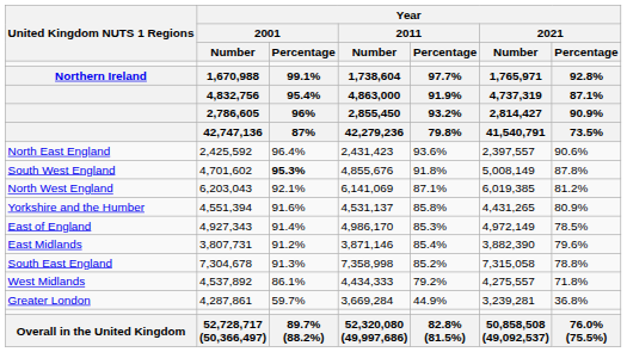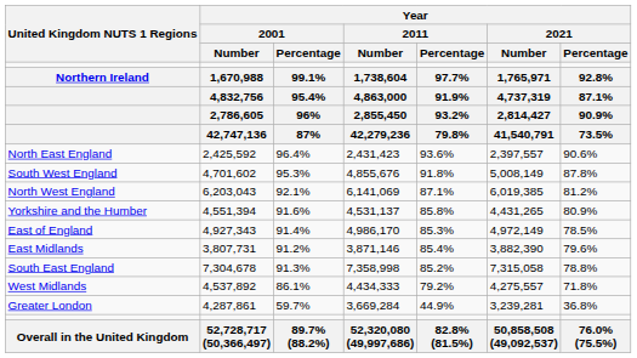 <table class="wikitable sortable" style="font-size: 95%">
 <tr>
 <th rowspan="3">United Kingdom NUTS 1 Regions</th>
 <th colspan="6">Year</th>
 </tr>
 <tr>
 <th colspan="2">2001</th>
 <th colspan="2">2011</th>
 <th colspan="2">2021</th>
 </tr>
 <tr>
 <th>Number</th>
 <th>Percentage</th>
 <th>Number</th>
 <th>Percentage</th>
 <th>Number</th>
 <th>Percentage</th>
 </tr>
 <tr>
 <td></td>
 <td></td>
 <td></td>
 <td></td>
 <td></td>
 <td></td>
 <td></td>
 </tr>
 <tr>
 <th><a href='#'>Northern Ireland</a></th>
 <th>1,670,988</th>
 <th>99.1%</th>
 <th>1,738,604</th>
 <th>97.7%</th>
 <th>1,765,971</th>
 <th>92.8%</th>
 </tr>
 <tr>
 <th></th>
 <th>4,832,756</th>
 <th>95.4%</th>
 <th>4,863,000</th>
 <th>91.9%</th>
 <th>4,737,319</th>
 <th>87.1%</th>
 </tr>
 <tr>
 <th></th>
 <th>2,786,605</th>
 <th>96%</th>
 <th>2,855,450</th>
 <th>93.2%</th>
 <th>2,814,427</th>
 <th>90.9%</th>
 </tr>
 <tr>
 <th></th>
 <th>42,747,136</th>
 <th>87%</th>
 <th>42,279,236</th>
 <th>79.8%</th>
 <th>41,540,791</th>
 <th>73.5%</th>
 </tr>
 <tr>
 <td><a href='#'>North East England</a></td>
 <td>2,425,592</td>
 <td>96.4%</td>
 <td>2,431,423</td>
 <td>93.6%</td>
 <td>2,397,557</td>
 <td>90.6%</td>
 </tr>
 <tr>
 <td><a href='#'>South West England</a></td>
 <td>4,701,602</td>
-<td><strong>95.3%</strong></td>
+<td>95.3%</td>
 <td>4,855,676</td>
 <td>91.8%</td>
 <td>5,008,149</td>
 <td>87.8%</td>
 </tr>
 <tr>
 <td><a href='#'>North West England</a></td>
 <td>6,203,043</td>
 <td>92.1%</td>
 <td>6,141,069</td>
 <td>87.1%</td>
 <td>6,019,385</td>
 <td>81.2%</td>
 </tr>
 <tr>
 <td><a href='#'>Yorkshire and the Humber</a></td>
 <td>4,551,394</td>
 <td>91.6%</td>
 <td>4,531,137</td>
 <td>85.8%</td>
 <td>4,431,265</td>
 <td>80.9%</td>
 </tr>
 <tr>
 <td><a href='#'>East of England</a></td>
 <td>4,927,343</td>
 <td>91.4%</td>
 <td>4,986,170</td>
 <td>85.3%</td>
 <td>4,972,149</td>
 <td>78.5%</td>
 </tr>
 <tr>
 <td><a href='#'>East Midlands</a></td>
 <td>3,807,731</td>
 <td>91.2%</td>
 <td>3,871,146</td>
 <td>85.4%</td>
 <td>3,882,390</td>
 <td>79.6%</td>
 </tr>
 <tr>
 <td><a href='#'>South East England</a></td>
 <td>7,304,678</td>
 <td>91.3%</td>
 <td>7,358,998</td>
 <td>85.2%</td>
 <td>7,315,058</td>
 <td>78.8%</td>
 </tr>
 <tr>
 <td><a href='#'>West Midlands</a></td>
 <td>4,537,892</td>
 <td>86.1%</td>
 <td>4,434,333</td>
 <td>79.2%</td>
 <td>4,275,557</td>
 <td>71.8%</td>
 </tr>
 <tr>
 <td><a href='#'>Greater London</a></td>
 <td>4,287,861</td>
 <td>59.7%</td>
 <td>3,669,284</td>
 <td>44.9%</td>
 <td>3,239,281</td>
 <td>36.8%</td>
 </tr>
 <tr>
 <td></td>
 <td></td>
 <td></td>
 <td></td>
 <td></td>
 <td></td>
 <td></td>
 </tr>
 <tr>
 <th>Overall in the United Kingdom</th>
 <th>52,728,717<br>(50,366,497)</th>
 <th>89.7%<br>(88.2%)</th>
 <th>52,320,080<br>(49,997,686)</th>
 <th>82.8%<br>(81.5%)</th>
 <th>50,858,508<br>(49,092,537)</th>
 <th>76.0%<br>(75.5%)</th>
 </tr>
 </table>
